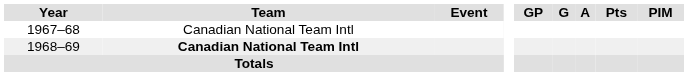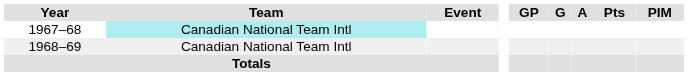 <table border="0" cellpadding="1" cellspacing="0" style="text-align:center; width:50em">
 <tr ALIGN="center" bgcolor="#e0e0e0">
 <th>Year</th>
 <th>Team</th>
 <th>Event</th>
 <th rowspan="99" bgcolor="#ffffff"> </th>
 <th>GP</th>
 <th>G</th>
 <th>A</th>
 <th>Pts</th>
 <th>PIM</th>
 </tr>
 <tr>
 <td>1967–68</td>
-<td>Canadian National Team Intl</td>
+<td style="background: paleturquoise;">Canadian National Team Intl</td>
 <td></td>
 <td></td>
 <td></td>
 <td></td>
 <td></td>
 <td></td>
 </tr>
 <tr bgcolor="#f0f0f0">
 <td>1968–69</td>
-<td><strong>Canadian National Team Intl</strong></td>
+<td>Canadian National Team Intl</td>
 <td></td>
 <td></td>
 <td></td>
 <td></td>
 <td></td>
 <td></td>
 </tr>
 <tr bgcolor="#e0e0e0">
 <th colspan=3>Totals</th>
 <th></th>
 <th></th>
 <th></th>
 <th></th>
 <th></th>
 </tr>
 </table>
